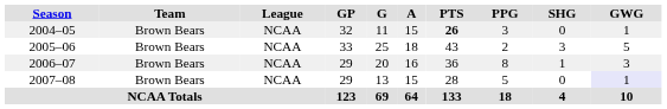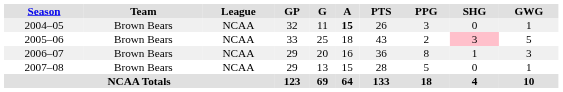 <table BORDER="0" CELLPADDING="1" CELLSPACING="0" width="50%" style="text-align:center">
 <tr bgcolor="#e0e0e0">
 <th><a href='#'>Season</a></th>
 <th>Team</th>
 <th>League</th>
 <th>GP</th>
 <th>G</th>
 <th>A</th>
 <th>PTS</th>
 <th>PPG</th>
 <th>SHG</th>
 <th>GWG</th>
 </tr>
 <tr bgcolor="#f0f0f0">
 <td>2004–05</td>
 <td>Brown Bears</td>
 <td>NCAA</td>
 <td>32</td>
 <td>11</td>
-<td>15</td>
-<td><strong>26</strong></td>
+<td><strong>15</strong></td>
+<td>26</td>
 <td>3</td>
 <td>0</td>
 <td>1</td>
 </tr>
 <tr>
 <td>2005–06</td>
 <td>Brown Bears</td>
 <td>NCAA</td>
 <td>33</td>
 <td>25</td>
 <td>18</td>
 <td>43</td>
 <td>2</td>
-<td>3</td>
+<td style="background: pink;">3</td>
 <td>5</td>
 </tr>
 <tr bgcolor="#f0f0f0">
 <td>2006–07</td>
 <td>Brown Bears</td>
 <td>NCAA</td>
 <td>29</td>
 <td>20</td>
 <td>16</td>
 <td>36</td>
 <td>8</td>
 <td>1</td>
 <td>3</td>
 </tr>
 <tr>
 <td>2007–08</td>
 <td>Brown Bears</td>
 <td>NCAA</td>
 <td>29</td>
 <td>13</td>
 <td>15</td>
 <td>28</td>
 <td>5</td>
 <td>0</td>
-<td style="background: lavender;">1</td>
+<td>1</td>
 </tr>
 <tr bgcolor="#e0e0e0">
 <th colspan="3">NCAA Totals</th>
 <th>123</th>
 <th>69</th>
 <th>64</th>
 <th>133</th>
 <th>18</th>
 <th>4</th>
 <th>10</th>
 </tr>
 </table>
